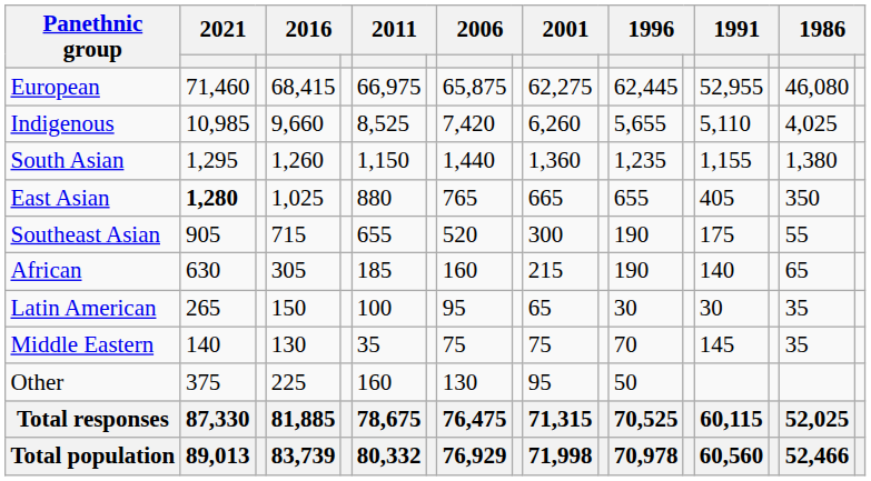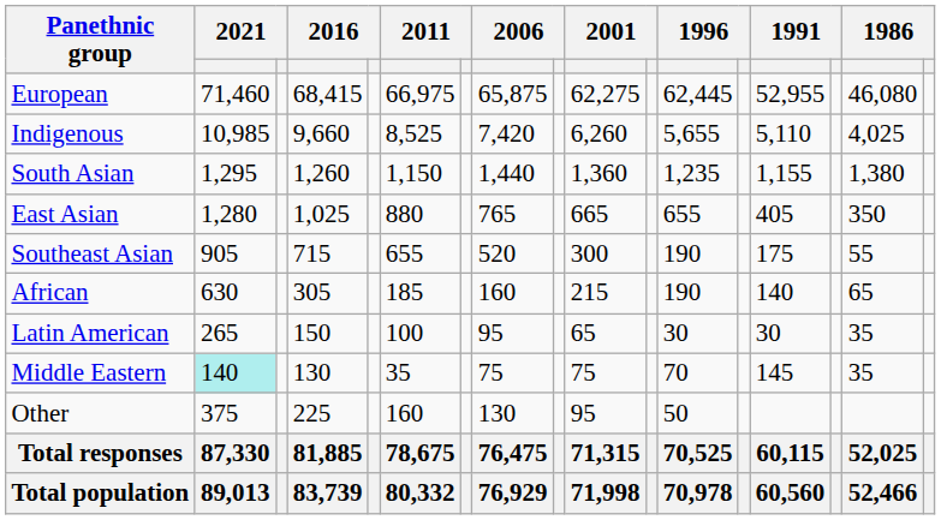 <table class="wikitable collapsible sortable">
 <tr>
 <th rowspan="2"><a href='#'>Panethnic</a><br>group</th>
 <th colspan="2">2021</th>
 <th colspan="2">2016</th>
 <th colspan="2">2011</th>
 <th colspan="2">2006</th>
 <th colspan="2">2001</th>
 <th colspan="2">1996</th>
 <th colspan="2">1991</th>
 <th colspan="2">1986</th>
 </tr>
 <tr>
 <th><a href='#'></a></th>
 <th></th>
 <th></th>
 <th></th>
 <th></th>
 <th></th>
 <th></th>
 <th></th>
 <th></th>
 <th></th>
 <th></th>
 <th></th>
 <th></th>
 <th></th>
 <th></th>
 <th></th>
 </tr>
 <tr>
 <td><a href='#'>European</a></td>
 <td>71,460</td>
 <td></td>
 <td>68,415</td>
 <td></td>
 <td>66,975</td>
 <td></td>
 <td>65,875</td>
 <td></td>
 <td>62,275</td>
 <td></td>
 <td>62,445</td>
 <td></td>
 <td>52,955</td>
 <td></td>
 <td>46,080</td>
 <td></td>
 </tr>
 <tr>
 <td><a href='#'>Indigenous</a></td>
 <td>10,985</td>
 <td></td>
 <td>9,660</td>
 <td></td>
 <td>8,525</td>
 <td></td>
 <td>7,420</td>
 <td></td>
 <td>6,260</td>
 <td></td>
 <td>5,655</td>
 <td></td>
 <td>5,110</td>
 <td></td>
 <td>4,025</td>
 <td></td>
 </tr>
 <tr>
 <td><a href='#'>South Asian</a></td>
 <td>1,295</td>
 <td></td>
 <td>1,260</td>
 <td></td>
 <td>1,150</td>
 <td></td>
 <td>1,440</td>
 <td></td>
 <td>1,360</td>
 <td></td>
 <td>1,235</td>
 <td></td>
 <td>1,155</td>
 <td></td>
 <td>1,380</td>
 <td></td>
 </tr>
 <tr>
 <td><a href='#'>East Asian</a></td>
-<td><strong>1,280</strong></td>
+<td>1,280</td>
 <td></td>
 <td>1,025</td>
 <td></td>
 <td>880</td>
 <td></td>
 <td>765</td>
 <td></td>
 <td>665</td>
 <td></td>
 <td>655</td>
 <td></td>
 <td>405</td>
 <td></td>
 <td>350</td>
 <td></td>
 </tr>
 <tr>
 <td><a href='#'>Southeast Asian</a></td>
 <td>905</td>
 <td></td>
 <td>715</td>
 <td></td>
 <td>655</td>
 <td></td>
 <td>520</td>
 <td></td>
 <td>300</td>
 <td></td>
 <td>190</td>
 <td></td>
 <td>175</td>
 <td></td>
 <td>55</td>
 <td></td>
 </tr>
 <tr>
 <td><a href='#'>African</a></td>
 <td>630</td>
 <td></td>
 <td>305</td>
 <td></td>
 <td>185</td>
 <td></td>
 <td>160</td>
 <td></td>
 <td>215</td>
 <td></td>
 <td>190</td>
 <td></td>
 <td>140</td>
 <td></td>
 <td>65</td>
 <td></td>
 </tr>
 <tr>
 <td><a href='#'>Latin American</a></td>
 <td>265</td>
 <td></td>
 <td>150</td>
 <td></td>
 <td>100</td>
 <td></td>
 <td>95</td>
 <td></td>
 <td>65</td>
 <td></td>
 <td>30</td>
 <td></td>
 <td>30</td>
 <td></td>
 <td>35</td>
 <td></td>
 </tr>
 <tr>
 <td><a href='#'>Middle Eastern</a></td>
-<td>140</td>
+<td style="background: paleturquoise;">140</td>
 <td></td>
 <td>130</td>
 <td></td>
 <td>35</td>
 <td></td>
 <td>75</td>
 <td></td>
 <td>75</td>
 <td></td>
 <td>70</td>
 <td></td>
 <td>145</td>
 <td></td>
 <td>35</td>
 <td></td>
 </tr>
 <tr>
 <td>Other</td>
 <td>375</td>
 <td></td>
 <td>225</td>
 <td></td>
 <td>160</td>
 <td></td>
 <td>130</td>
 <td></td>
 <td>95</td>
 <td></td>
 <td>50</td>
 <td></td>
 <td></td>
 <td></td>
 <td></td>
 <td></td>
 </tr>
 <tr>
 <th>Total responses</th>
 <th>87,330</th>
 <th></th>
 <th>81,885</th>
 <th></th>
 <th>78,675</th>
 <th></th>
 <th>76,475</th>
 <th></th>
 <th>71,315</th>
 <th></th>
 <th>70,525</th>
 <th></th>
 <th>60,115</th>
 <th></th>
 <th>52,025</th>
 <th></th>
 </tr>
 <tr>
 <th>Total population</th>
 <th>89,013</th>
 <th></th>
 <th>83,739</th>
 <th></th>
 <th>80,332</th>
 <th></th>
 <th>76,929</th>
 <th></th>
 <th>71,998</th>
 <th></th>
 <th>70,978</th>
 <th></th>
 <th>60,560</th>
 <th></th>
 <th>52,466</th>
 <th></th>
 </tr>
 </table>
